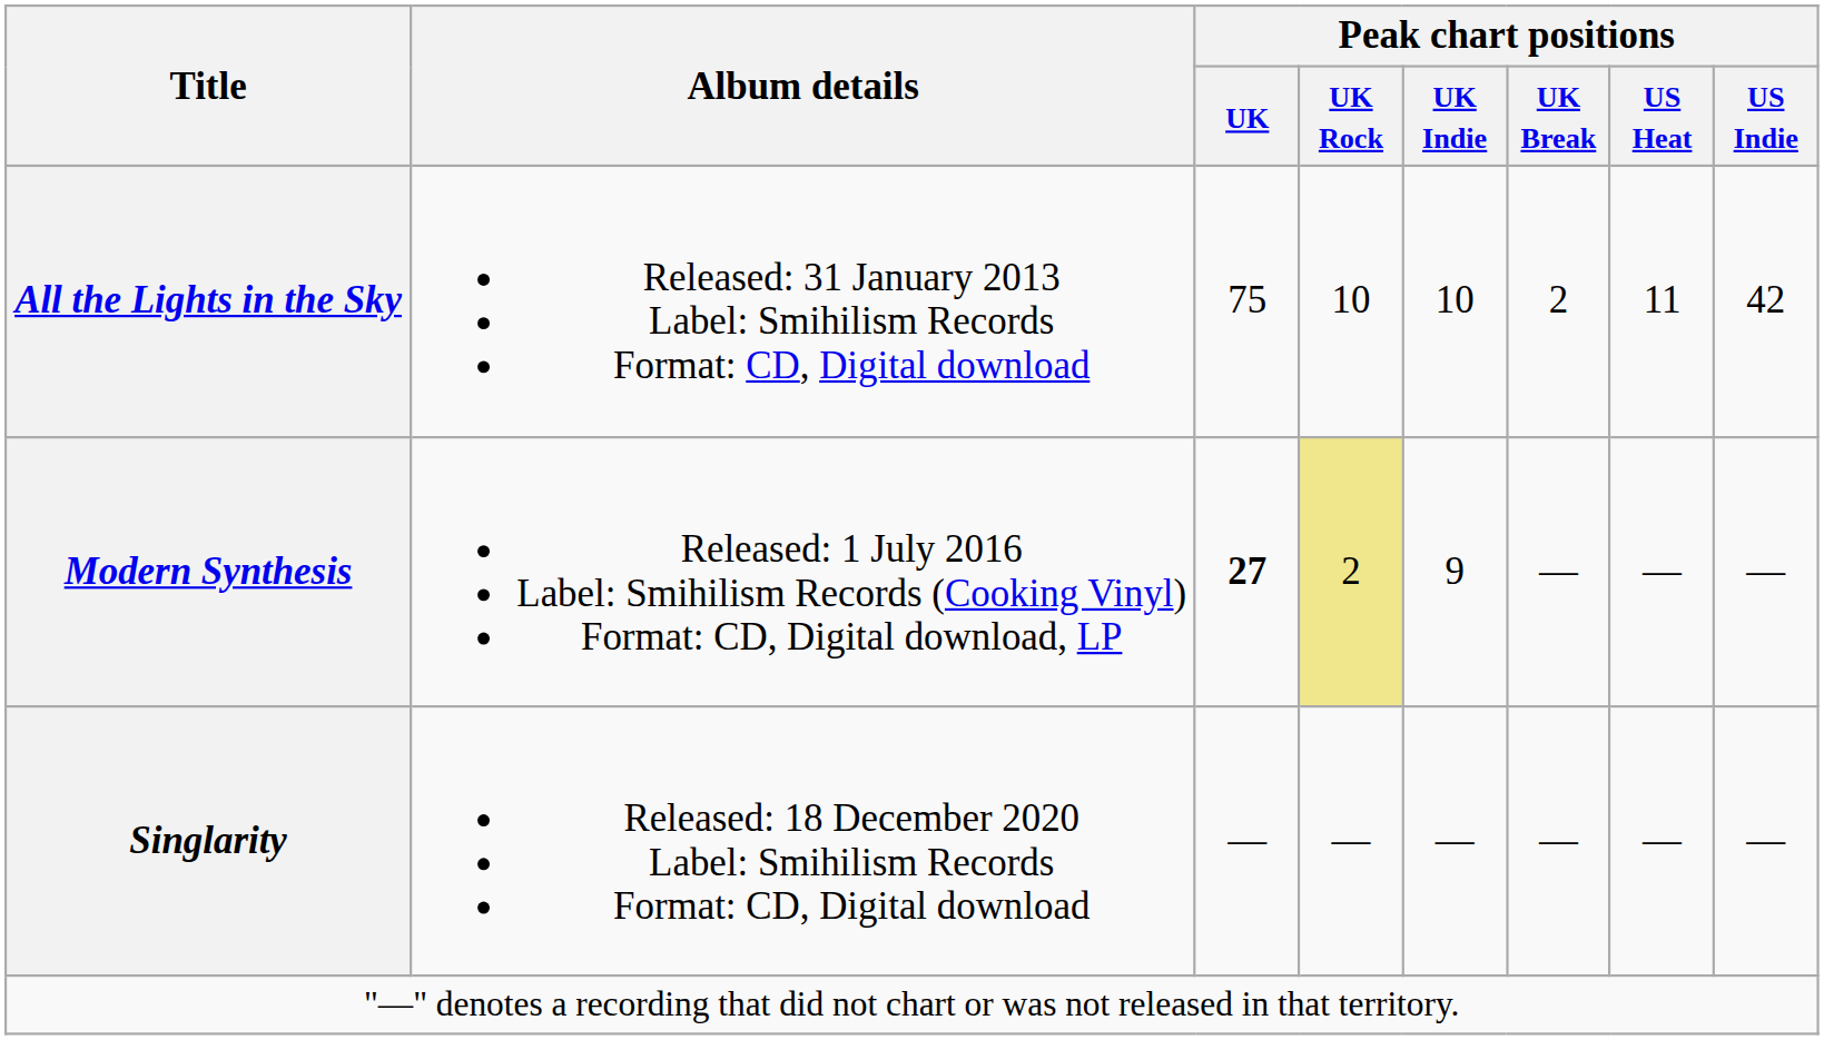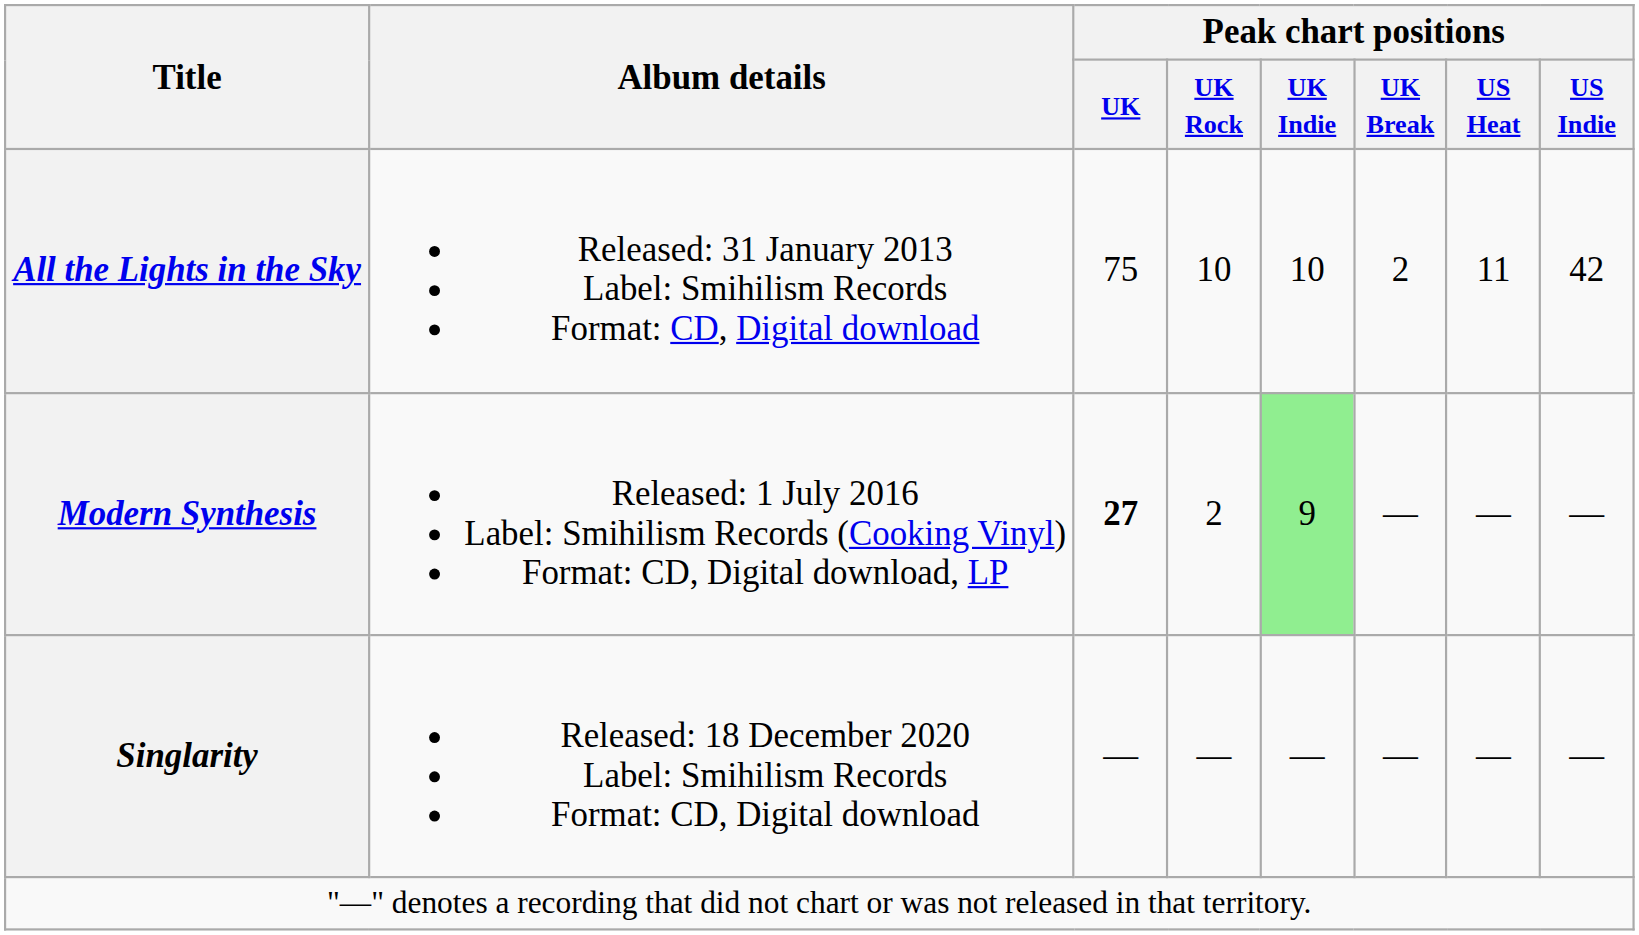 <table class="wikitable plainrowheaders" style="text-align:center;">
 <tr>
 <th rowspan="2">Title</th>
 <th rowspan="2">Album details</th>
 <th colspan="10">Peak chart positions</th>
 </tr>
 <tr Rock Albums>
 <th scope="col" style="width:2.5em;font-size:90%;"><small><a href='#'>UK</a></small><br></th>
 <th scope="col" style="width:2.5em;font-size:90%;"><small><a href='#'>UK<br>Rock</a></small></th>
 <th scope="col" style="width:2.5em;font-size:90%;"><small><a href='#'>UK<br>Indie</a></small></th>
 <th scope="col" style="width:2.5em;font-size:90%;"><small><a href='#'>UK<br>Break</a></small><br></th>
 <th scope="col" style="width:2.5em;font-size:90%;"><small><a href='#'>US<br>Heat</a></small></th>
 <th scope="col" style="width:2.5em;font-size:90%;"><small><a href='#'>US<br>Indie</a></small></th>
 </tr>
 <tr>
 <th scope="row"><em><a href='#'>All the Lights in the Sky</a></em></th>
 <td><br><ul><li>Released: 31 January 2013</li><li>Label: Smihilism Records</li><li>Format: <a href='#'>CD</a>, <a href='#'>Digital download</a></li></ul></td>
 <td align="center">75</td>
 <td align="center">10</td>
 <td align="center">10</td>
 <td align="center">2</td>
 <td align="center">11</td>
 <td align="center">42</td>
 </tr>
 <tr>
 <th scope="row"><em><a href='#'>Modern Synthesis</a></em></th>
 <td><br><ul><li>Released: 1 July 2016</li><li>Label: Smihilism Records (<a href='#'>Cooking Vinyl</a>)</li><li>Format: CD, Digital download, <a href='#'>LP</a></li></ul></td>
 <td align="center"><strong>27</strong></td>
-<td align="center" style="background: khaki;">2</td>
-<td align="center">9</td>
+<td align="center">2</td>
+<td align="center" style="background: lightgreen;">9</td>
 <td align="center">—</td>
 <td align="center">—</td>
 <td align="center">—</td>
 </tr>
 <tr>
 <th scope="row"><em>Singlarity</em></th>
 <td><br><ul><li>Released: 18 December 2020</li><li>Label: Smihilism Records</li><li>Format: CD, Digital download</li></ul></td>
 <td align="center">—</td>
 <td align="center">—</td>
 <td align="center">—</td>
 <td align="center">—</td>
 <td align="center">—</td>
 <td align="center">—</td>
 </tr>
 <tr>
 <td align="centre" colspan="12" style="font-size:90%">"—" denotes a recording that did not chart or was not released in that territory.</td>
 </tr>
 </table>
